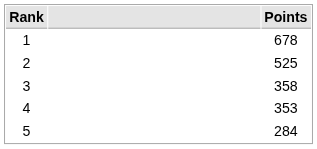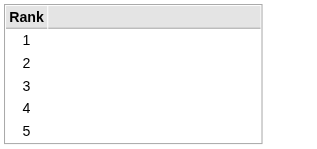 <table cellspacing="1" cellpadding="3" style="border:1px solid #AAAAAA;font-size:86%">
 <tr bgcolor="#E4E4E4">
 <th style="border-bottom:1px solid #AAAAAA" width=10>Rank</th>
 <th style="border-bottom:1px solid #AAAAAA" width=200></th>
-<th style="border-bottom:1px solid #AAAAAA" width=20>Points</th>
 </tr>
 <tr>
 <td style="text-align:center;">1</td>
 <td></td>
-<td align=center>678</td>
 </tr>
 <tr>
 <td style="text-align:center;">2</td>
 <td></td>
-<td align=center>525</td>
 </tr>
 <tr>
 <td style="text-align:center;">3</td>
 <td></td>
-<td align=center>358</td>
 </tr>
 <tr>
 <td style="text-align:center;">4</td>
 <td></td>
-<td align=center>353</td>
 </tr>
 <tr>
 <td style="text-align:center;">5</td>
 <td></td>
-<td align=center>284</td>
 </tr>
 </table>
